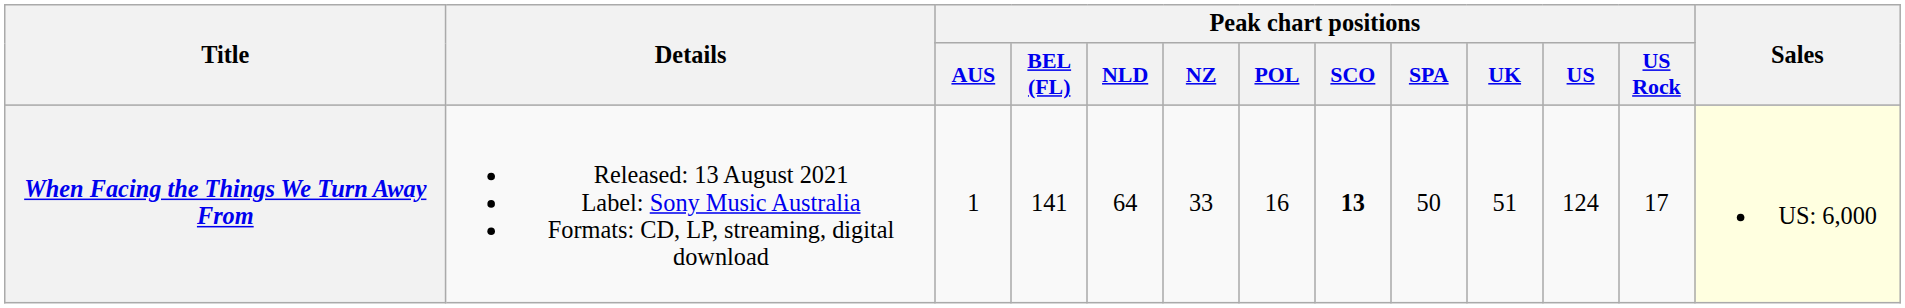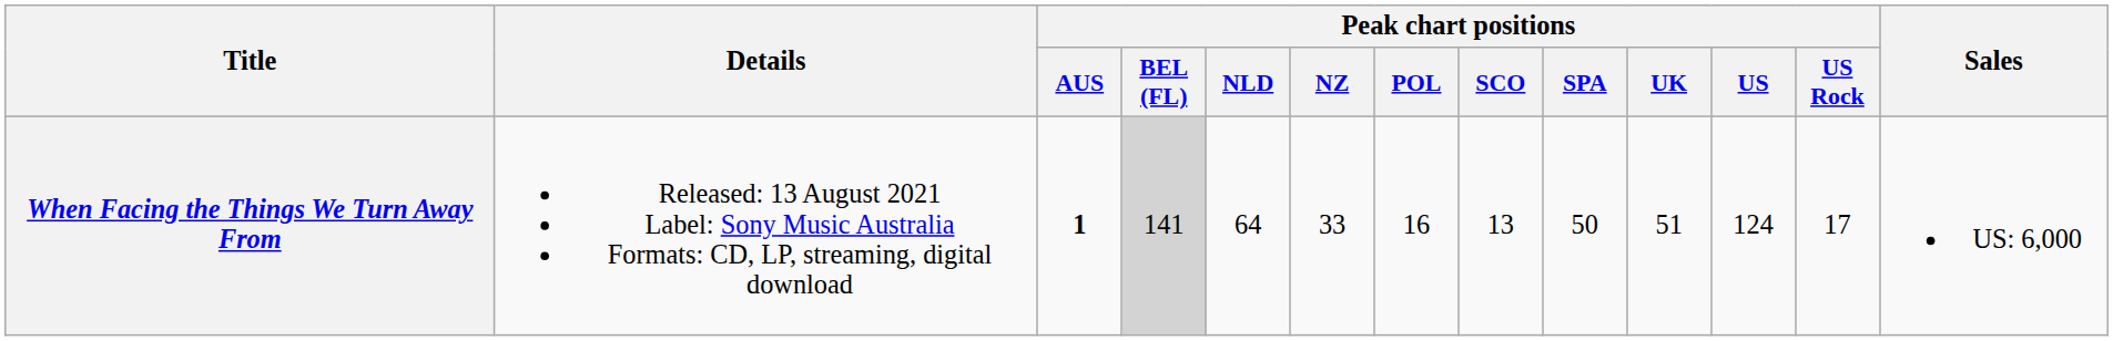 <table class="wikitable plainrowheaders" style="text-align:center;">
 <tr>
 <th scope="col" rowspan="2">Title</th>
 <th scope="col" rowspan="2">Details</th>
 <th scope="col" colspan="10">Peak chart positions</th>
 <th scope="col" rowspan="2" style="width:8em;">Sales</th>
 </tr>
 <tr>
 <th scope="col" style="width:3em;font-size:90%;"><a href='#'>AUS</a><br></th>
 <th scope="col" style="width:3em;font-size:90%;"><a href='#'>BEL<br>(FL)</a><br></th>
 <th scope="col" style="width:3em;font-size:90%;"><a href='#'>NLD</a><br></th>
 <th scope="col" style="width:3em;font-size:90%;"><a href='#'>NZ</a><br></th>
 <th scope="col" style="width:3em;font-size:90%;"><a href='#'>POL</a><br></th>
 <th scope="col" style="width:3em;font-size:90%;"><a href='#'>SCO</a><br></th>
 <th scope="col" style="width:3em;font-size:90%;"><a href='#'>SPA</a><br></th>
 <th scope="col" style="width:3em;font-size:90%;"><a href='#'>UK</a><br></th>
 <th scope="col" style="width:3em;font-size:90%;"><a href='#'>US</a><br></th>
 <th scope="col" style="width:3em;font-size:90%;"><a href='#'>US<br>Rock</a><br></th>
 </tr>
 <tr>
 <th scope="row"><em><a href='#'>When Facing the Things We Turn Away From</a></em></th>
 <td><br><ul><li>Released: 13 August 2021</li><li>Label: <a href='#'>Sony Music Australia</a></li><li>Formats: CD, LP, streaming, digital download</li></ul></td>
-<td>1</td>
-<td>141</td>
+<td><strong>1</strong></td>
+<td style="background: lightgrey;">141</td>
 <td>64</td>
 <td>33</td>
 <td>16</td>
-<td><strong>13</strong></td>
+<td>13</td>
 <td>50</td>
 <td>51</td>
 <td>124</td>
 <td>17</td>
-<td style="background: lightyellow;"><br><ul><li>US: 6,000</li></ul></td>
+<td><br><ul><li>US: 6,000</li></ul></td>
 </tr>
 </table>
